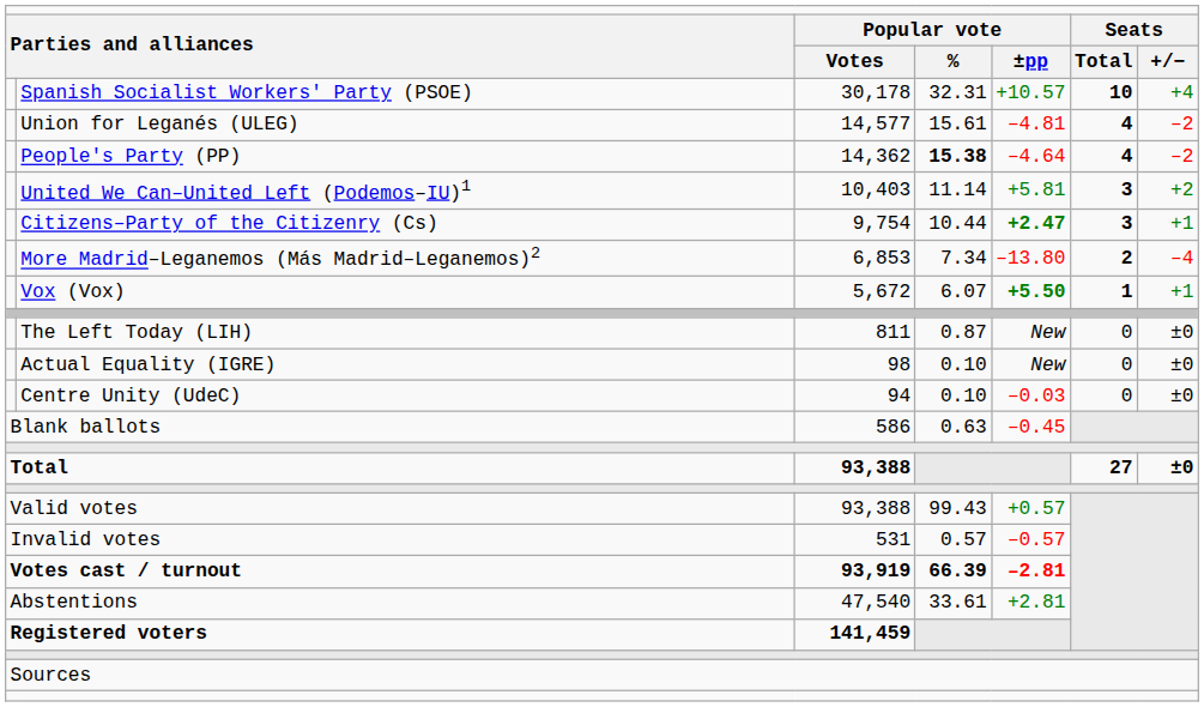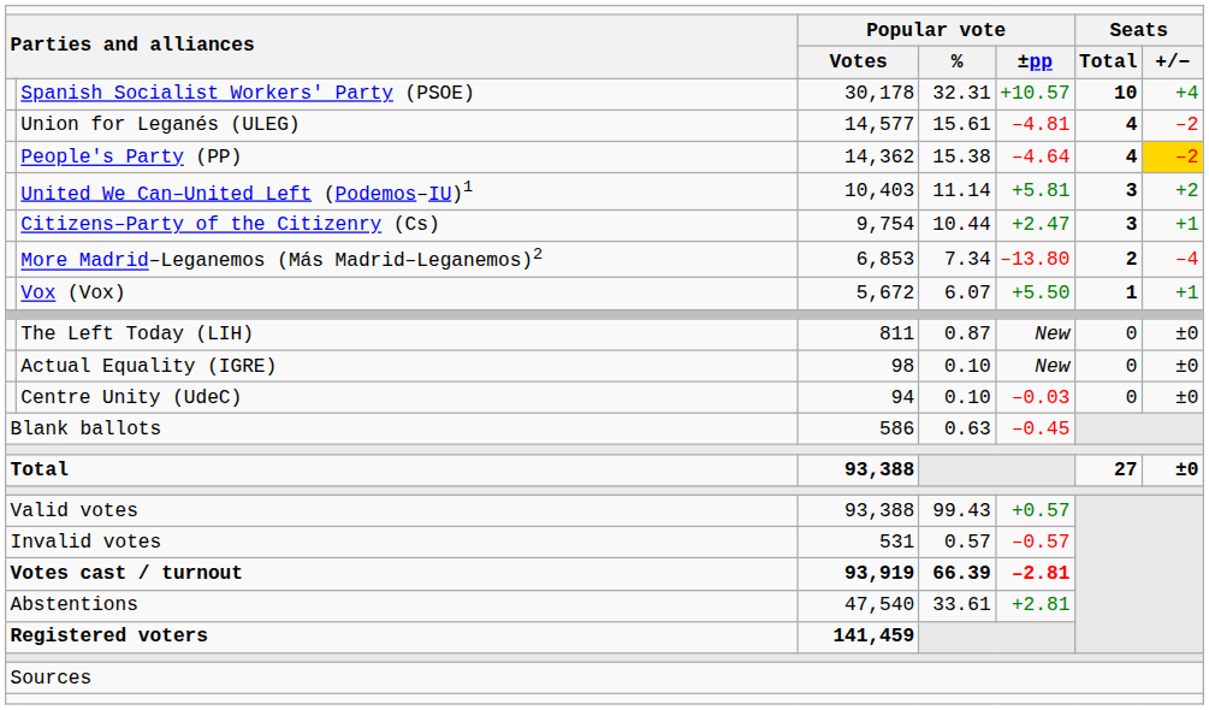 <table class="wikitable" style="text-align:right;">
 <tr>
 <td colspan="7"></td>
 </tr>
 <tr>
 <th style="text-align:left;" rowspan="2" colspan="2" width="525">Parties and alliances</th>
 <th colspan="3">Popular vote</th>
 <th colspan="2">Seats</th>
 </tr>
 <tr>
 <th width="75">Votes</th>
 <th width="45">%</th>
 <th width="45">±<a href='#'>pp</a></th>
 <th width="35">Total</th>
 <th width="35">+/−</th>
 </tr>
 <tr>
 <td width="1" style="color:inherit;background:"></td>
 <td align="left"><a href='#'>Spanish Socialist Workers' Party</a> (PSOE)</td>
 <td>30,178</td>
 <td>32.31</td>
 <td style="color:green;">+10.57</td>
 <td><strong>10</strong></td>
 <td style="color:green;">+4</td>
 </tr>
 <tr>
 <td style="color:inherit;background:"></td>
 <td align="left">Union for Leganés (ULEG)</td>
 <td>14,577</td>
 <td>15.61</td>
 <td style="color:red;">–4.81</td>
 <td><strong>4</strong></td>
 <td style="color:red;">–2</td>
 </tr>
 <tr>
 <td style="color:inherit;background:"></td>
 <td align="left"><a href='#'>People's Party</a> (PP)</td>
 <td>14,362</td>
-<td><strong>15.38</strong></td>
+<td>15.38</td>
 <td style="color:red;">–4.64</td>
 <td><strong>4</strong></td>
-<td style="color:red;">–2</td>
+<td style="background: gold; color:red;">–2</td>
 </tr>
 <tr>
 <td style="color:inherit;background:"></td>
 <td align="left"><a href='#'>United We Can–United Left</a> (<a href='#'>Podemos</a>–<a href='#'>IU</a>)<sup>1</sup></td>
 <td>10,403</td>
 <td>11.14</td>
 <td style="color:green;">+5.81</td>
 <td><strong>3</strong></td>
 <td style="color:green;">+2</td>
 </tr>
 <tr>
 <td style="color:inherit;background:"></td>
 <td align="left"><a href='#'>Citizens–Party of the Citizenry</a> (Cs)</td>
 <td>9,754</td>
 <td>10.44</td>
-<td style="color:green;"><strong>+2.47</strong></td>
+<td style="color:green;">+2.47</td>
 <td><strong>3</strong></td>
 <td style="color:green;">+1</td>
 </tr>
 <tr>
 <td style="color:inherit;background:"></td>
 <td align="left"><a href='#'>More Madrid</a>–Leganemos (Más Madrid–Leganemos)<sup>2</sup></td>
 <td>6,853</td>
 <td>7.34</td>
 <td style="color:red;">–13.80</td>
 <td><strong>2</strong></td>
 <td style="color:red;">–4</td>
 </tr>
 <tr>
 <td style="color:inherit;background:"></td>
 <td align="left"><a href='#'>Vox</a> (Vox)</td>
 <td>5,672</td>
 <td>6.07</td>
-<td style="color:green;"><strong>+5.50</strong></td>
+<td style="color:green;">+5.50</td>
 <td><strong>1</strong></td>
 <td style="color:green;">+1</td>
 </tr>
 <tr>
 <td colspan="7" bgcolor="#C0C0C0"></td>
 </tr>
 <tr>
 <td style="color:inherit;background:"></td>
 <td align="left">The Left Today (LIH)</td>
 <td>811</td>
 <td>0.87</td>
 <td><em>New</em></td>
 <td>0</td>
 <td>±0</td>
 </tr>
 <tr>
 <td style="color:inherit;background:"></td>
 <td align="left">Actual Equality (IGRE)</td>
 <td>98</td>
 <td>0.10</td>
 <td><em>New</em></td>
 <td>0</td>
 <td>±0</td>
 </tr>
 <tr>
 <td style="color:inherit;background:"></td>
 <td align="left">Centre Unity (UdeC)</td>
 <td>94</td>
 <td>0.10</td>
 <td style="color:red;">–0.03</td>
 <td>0</td>
 <td>±0</td>
 </tr>
 <tr>
 <td align="left" colspan="2">Blank ballots</td>
 <td>586</td>
 <td>0.63</td>
 <td style="color:red;">–0.45</td>
 <td bgcolor="#E9E9E9" colspan="2"></td>
 </tr>
 <tr>
 <td colspan="7" bgcolor="#E9E9E9"></td>
 </tr>
 <tr style="font-weight:bold;">
 <td align="left" colspan="2">Total</td>
 <td>93,388</td>
 <td bgcolor="#E9E9E9" colspan="2"></td>
 <td>27</td>
 <td>±0</td>
 </tr>
 <tr>
 <td colspan="7" bgcolor="#E9E9E9"></td>
 </tr>
 <tr>
 <td align="left" colspan="2">Valid votes</td>
 <td>93,388</td>
 <td>99.43</td>
 <td style="color:green;">+0.57</td>
 <td bgcolor="#E9E9E9" colspan="2" rowspan="5"></td>
 </tr>
 <tr>
 <td align="left" colspan="2">Invalid votes</td>
 <td>531</td>
 <td>0.57</td>
 <td style="color:red;">–0.57</td>
 </tr>
 <tr style="font-weight:bold;">
 <td align="left" colspan="2">Votes cast / turnout</td>
 <td>93,919</td>
 <td>66.39</td>
 <td style="color:red;">–2.81</td>
 </tr>
 <tr>
 <td align="left" colspan="2">Abstentions</td>
 <td>47,540</td>
 <td>33.61</td>
 <td style="color:green;">+2.81</td>
 </tr>
 <tr style="font-weight:bold;">
 <td align="left" colspan="2">Registered voters</td>
 <td>141,459</td>
 <td bgcolor="#E9E9E9" colspan="2"></td>
 </tr>
 <tr>
 <td colspan="7" bgcolor="#E9E9E9"></td>
 </tr>
 <tr>
 <td align="left" colspan="7">Sources</td>
 </tr>
 <tr>
 <td colspan="7" style="text-align:left; max-width:790px;"></td>
 </tr>
 </table>
